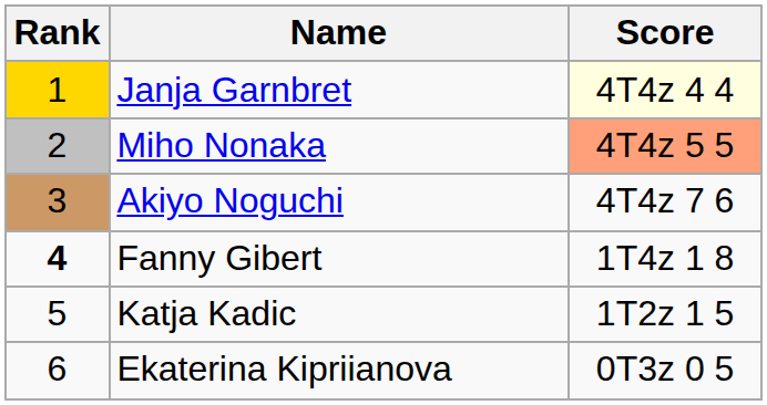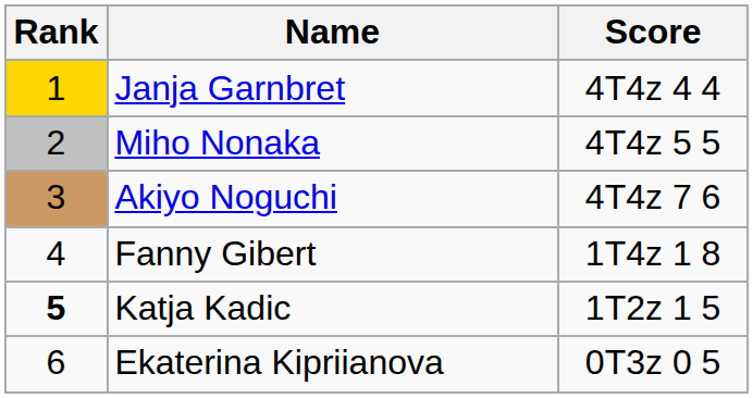 <table class="wikitable">
 <tr>
 <th>Rank</th>
 <th width = "200">Name</th>
 <th width = "80">Score</th>
 </tr>
 <tr>
 <td align="center" style="background: gold">1</td>
 <td> <a href='#'>Janja Garnbret</a></td>
-<td align="center" style="background: lightyellow;">4T4z 4 4</td>
+<td align="center">4T4z 4 4</td>
 </tr>
 <tr>
 <td align="center" style="background: silver">2</td>
 <td> <a href='#'>Miho Nonaka</a></td>
-<td align="center" style="background: lightsalmon;">4T4z 5 5</td>
+<td align="center">4T4z 5 5</td>
 </tr>
 <tr>
 <td align="center" style="background: #cc9966">3</td>
 <td> <a href='#'>Akiyo Noguchi</a></td>
 <td align="center">4T4z 7 6</td>
 </tr>
 <tr>
-<td align="center"><strong>4</strong></td>
+<td align="center">4</td>
 <td> Fanny Gibert</td>
 <td align="center">1T4z 1 8</td>
 </tr>
 <tr>
-<td align="center">5</td>
+<td align="center"><strong>5</strong></td>
 <td> Katja Kadic</td>
 <td align="center">1T2z 1 5</td>
 </tr>
 <tr>
 <td align="center">6</td>
 <td> Ekaterina Kipriianova</td>
 <td align="center">0T3z 0 5</td>
 </tr>
 <tr>
 </tr>
 </table>
